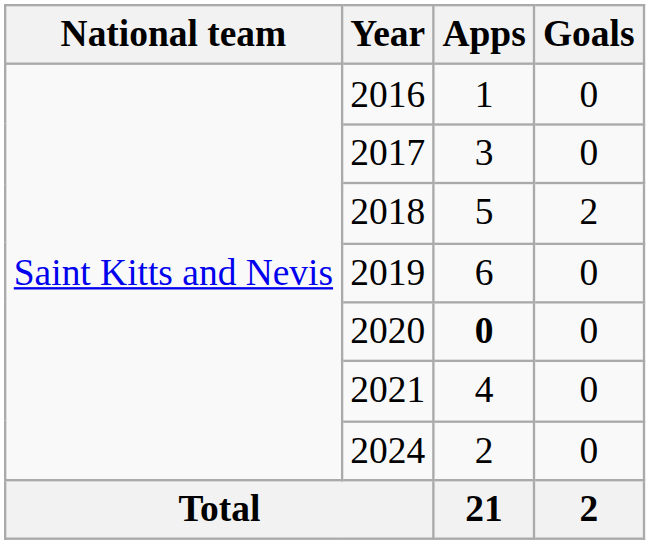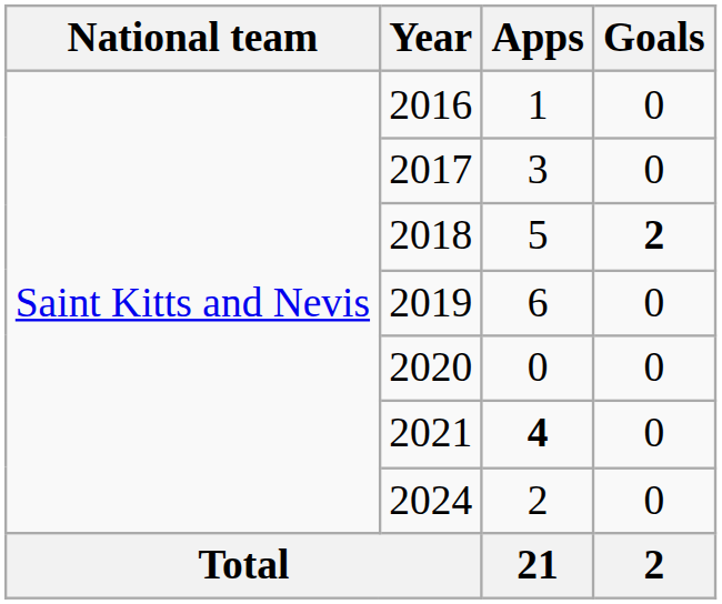 <table class=wikitable style=text-align:center>
 <tr>
 <th>National team</th>
 <th>Year</th>
 <th>Apps</th>
 <th>Goals</th>
 </tr>
 <tr>
 <td rowspan=7><a href='#'>Saint Kitts and Nevis</a></td>
 <td>2016</td>
 <td>1</td>
 <td>0</td>
 </tr>
 <tr>
 <td>2017</td>
 <td>3</td>
 <td>0</td>
 </tr>
 <tr>
 <td>2018</td>
 <td>5</td>
-<td>2</td>
+<td><strong>2</strong></td>
 </tr>
 <tr>
 <td>2019</td>
 <td>6</td>
 <td>0</td>
 </tr>
 <tr>
 <td>2020</td>
-<td><strong>0</strong></td>
+<td>0</td>
 <td>0</td>
 </tr>
 <tr>
 <td>2021</td>
-<td>4</td>
+<td><strong>4</strong></td>
 <td>0</td>
 </tr>
 <tr>
 <td>2024</td>
 <td>2</td>
 <td>0</td>
 </tr>
 <tr>
 <th colspan=2>Total</th>
 <th>21</th>
 <th>2</th>
 </tr>
 </table>
